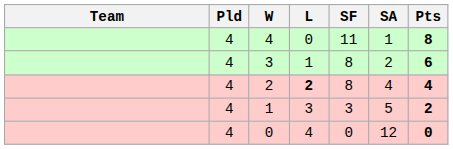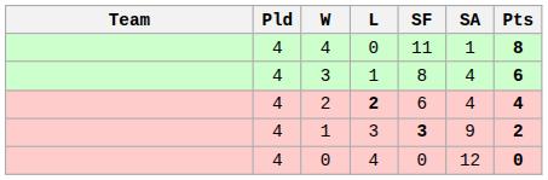 <table class="wikitable" style="text-align: center">
 <tr>
 <th width=180>Team</th>
 <th width=30>Pld</th>
 <th width=30>W</th>
 <th width=30>L</th>
 <th width=30>SF</th>
 <th width=30>SA</th>
 <th width=30>Pts</th>
 </tr>
 <tr style="background:#cfc;">
 <td style="text-align:left;"></td>
 <td>4</td>
 <td>4</td>
 <td>0</td>
 <td>11</td>
 <td>1</td>
 <td><strong>8</strong></td>
 </tr>
 <tr style="background:#cfc;">
 <td style="text-align:left;"></td>
 <td>4</td>
 <td>3</td>
 <td>1</td>
 <td>8</td>
-<td>2</td>
+<td>4</td>
 <td><strong>6</strong></td>
 </tr>
 <tr style="background:#fcc;">
 <td style="text-align:left;"></td>
 <td>4</td>
 <td>2</td>
 <td><strong>2</strong></td>
-<td>8</td>
+<td>6</td>
 <td>4</td>
 <td><strong>4</strong></td>
 </tr>
 <tr style="background:#fcc;">
 <td style="text-align:left;"></td>
 <td>4</td>
 <td>1</td>
 <td>3</td>
-<td>3</td>
-<td>5</td>
+<td><strong>3</strong></td>
+<td>9</td>
 <td><strong>2</strong></td>
 </tr>
 <tr style="background:#fcc;">
 <td style="text-align:left;"></td>
 <td>4</td>
 <td>0</td>
 <td>4</td>
 <td>0</td>
 <td>12</td>
 <td><strong>0</strong></td>
 </tr>
 </table>
